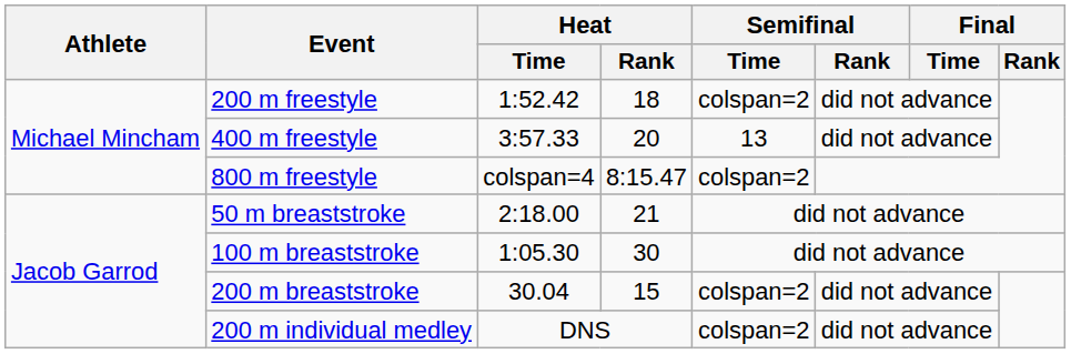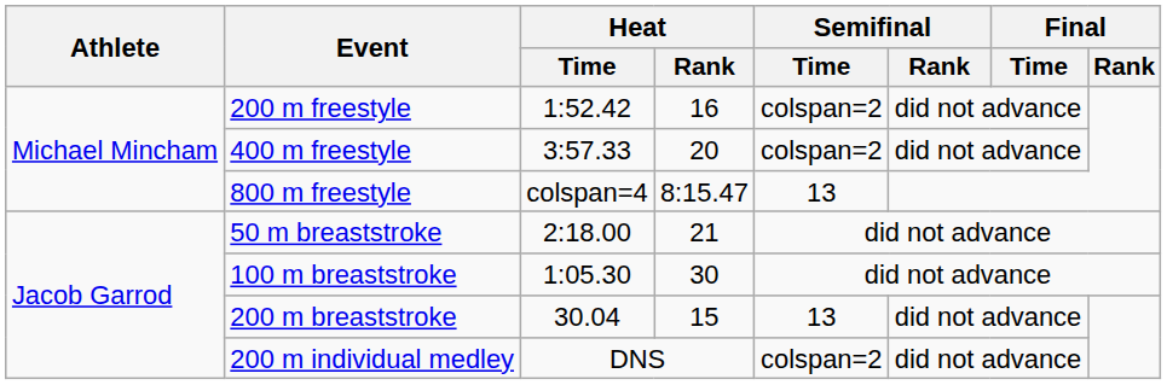 <table class=wikitable style="font-size:90%">
 <tr>
 <th rowspan=2>Athlete</th>
 <th rowspan=2>Event</th>
 <th colspan="2">Heat</th>
 <th colspan="2">Semifinal</th>
 <th colspan="2">Final</th>
 </tr>
 <tr style="font-size:95%">
 <th>Time</th>
 <th>Rank</th>
 <th>Time</th>
 <th>Rank</th>
 <th>Time</th>
 <th>Rank</th>
 </tr>
 <tr align=center>
 <td align=left rowspan=3><a href='#'>Michael Mincham</a></td>
 <td align=left><a href='#'>200 m freestyle</a></td>
 <td>1:52.42</td>
-<td>18</td>
+<td>16</td>
 <td>colspan=2 </td>
 <td colspan=2>did not advance</td>
 </tr>
 <tr align=center>
 <td align=left><a href='#'>400 m freestyle</a></td>
 <td>3:57.33</td>
 <td>20</td>
-<td>13</td>
+<td>colspan=2 </td>
 <td colspan=2>did not advance</td>
 </tr>
 <tr align=center>
 <td align=left><a href='#'>800 m freestyle</a></td>
 <td>colspan=4 </td>
 <td>8:15.47</td>
-<td>colspan=2 </td>
+<td>13</td>
 </tr>
 <tr align=center>
 <td align=left rowspan=4><a href='#'>Jacob Garrod</a></td>
 <td align=left><a href='#'>50 m breaststroke</a></td>
 <td>2:18.00</td>
 <td>21</td>
 <td colspan=4>did not advance</td>
 </tr>
 <tr align=center>
 <td align=left><a href='#'>100 m breaststroke</a></td>
 <td>1:05.30</td>
 <td>30</td>
 <td colspan=4>did not advance</td>
 </tr>
 <tr align=center>
 <td align=left><a href='#'>200 m breaststroke</a></td>
 <td>30.04</td>
 <td>15</td>
-<td>colspan=2 </td>
+<td>13</td>
 <td colspan=2>did not advance</td>
 </tr>
 <tr align=center>
 <td align=left><a href='#'>200 m individual medley</a></td>
 <td colspan=2>DNS</td>
 <td>colspan=2 </td>
 <td colspan=2>did not advance</td>
 </tr>
 </table>
